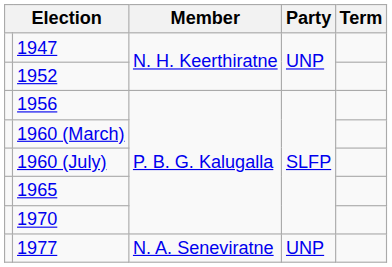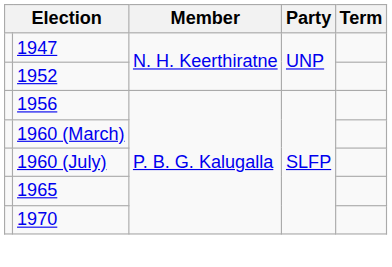 <table class="wikitable">
 <tr>
 <th colspan="2">Election</th>
 <th>Member</th>
 <th>Party</th>
 <th>Term</th>
 </tr>
 <tr>
 <td style="background-color: "></td>
 <td><a href='#'>1947</a></td>
 <td rowspan=2><a href='#'>N. H. Keerthiratne</a></td>
 <td rowspan=2><a href='#'>UNP</a></td>
 <td></td>
 </tr>
 <tr>
 <td style="background-color: "></td>
 <td><a href='#'>1952</a></td>
 <td></td>
 </tr>
 <tr>
 <td style="background-color: "></td>
 <td><a href='#'>1956</a></td>
 <td rowspan=5><a href='#'>P. B. G. Kalugalla</a></td>
 <td rowspan=5><a href='#'>SLFP</a></td>
 <td></td>
 </tr>
 <tr>
 <td style="background-color: "></td>
 <td><a href='#'>1960 (March)</a></td>
 <td></td>
 </tr>
 <tr>
 <td style="background-color: "></td>
 <td><a href='#'>1960 (July)</a></td>
 <td></td>
 </tr>
 <tr>
 <td style="background-color: "></td>
 <td><a href='#'>1965</a></td>
 <td></td>
 </tr>
 <tr>
 <td style="background-color: "></td>
 <td><a href='#'>1970</a></td>
 <td></td>
 </tr>
-<tr>
-<td style="background-color: "></td>
-<td><a href='#'>1977</a></td>
-<td><a href='#'>N. A. Seneviratne</a></td>
-<td><a href='#'>UNP</a></td>
-<td></td>
-</tr>
 </table>
